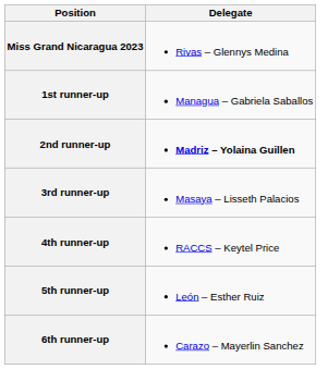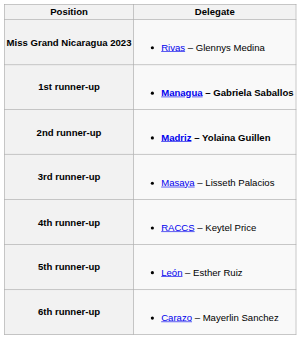 <table class="wikitable" style="font-size: 95%";>
 <tr>
 <th>Position</th>
 <th>Delegate</th>
 </tr>
 <tr>
 <th>Miss Grand Nicaragua 2023</th>
 <td><br><ul><li><a href='#'>Rivas</a> – Glennys Medina</li></ul></td>
 </tr>
 <tr>
 <th>1st runner-up</th>
-<td><br><ul><li><a href='#'>Managua</a> – Gabriela Saballos</li></ul></td>
+<td><strong><br><ul><li><a href='#'>Managua</a> – Gabriela Saballos</li></ul></strong></td>
 </tr>
 <tr>
 <th>2nd runner-up</th>
 <td><strong><br><ul><li><a href='#'>Madriz</a> – Yolaina Guillen</li></ul></strong></td>
 </tr>
 <tr>
 <th>3rd runner-up</th>
 <td><br><ul><li><a href='#'>Masaya</a> – Lisseth Palacios</li></ul></td>
 </tr>
 <tr>
 <th>4th runner-up</th>
 <td><br><ul><li><a href='#'>RACCS</a> – Keytel Price</li></ul></td>
 </tr>
 <tr>
 <th>5th runner-up</th>
 <td><br><ul><li><a href='#'>León</a> – Esther Ruiz</li></ul></td>
 </tr>
 <tr>
 <th>6th runner-up</th>
 <td><br><ul><li><a href='#'>Carazo</a> – Mayerlin Sanchez</li></ul></td>
 </tr>
 </table>
